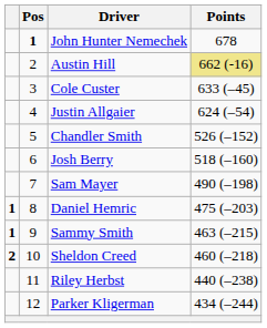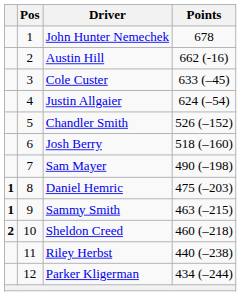 <table class="wikitable" style="font-size: 95%;">
 <tr>
 <th></th>
 <th>Pos</th>
 <th>Driver</th>
 <th>Points</th>
 </tr>
 <tr>
 <td align="left"></td>
-<td style="text-align:center;"><strong>1</strong></td>
+<td style="text-align:center;">1</td>
 <td><a href='#'>John Hunter Nemechek</a></td>
 <td style="text-align:center;">678</td>
 </tr>
 <tr>
 <td align="left"></td>
 <td style="text-align:center;">2</td>
 <td><a href='#'>Austin Hill</a></td>
-<td style="background: khaki; text-align:center;">662 (-16)</td>
+<td style="text-align:center;">662 (-16)</td>
 </tr>
 <tr>
 <td align="left"></td>
 <td style="text-align:center;">3</td>
 <td><a href='#'>Cole Custer</a></td>
 <td style="text-align:center;">633 (–45)</td>
 </tr>
 <tr>
 <td align="left"></td>
 <td style="text-align:center;">4</td>
 <td><a href='#'>Justin Allgaier</a></td>
 <td style="text-align:center;">624 (–54)</td>
 </tr>
 <tr>
 <td align="left"></td>
 <td style="text-align:center;">5</td>
 <td><a href='#'>Chandler Smith</a></td>
 <td style="text-align:center;">526 (–152)</td>
 </tr>
 <tr>
 <td align="left"></td>
 <td style="text-align:center;">6</td>
 <td><a href='#'>Josh Berry</a></td>
 <td style="text-align:center;">518 (–160)</td>
 </tr>
 <tr>
 <td align="left"></td>
 <td style="text-align:center;">7</td>
 <td><a href='#'>Sam Mayer</a></td>
 <td style="text-align:center;">490 (–198)</td>
 </tr>
 <tr>
 <td align="left"> <strong>1</strong></td>
 <td style="text-align:center;">8</td>
 <td><a href='#'>Daniel Hemric</a></td>
 <td style="text-align:center;">475 (–203)</td>
 </tr>
 <tr>
 <td align="left"> <strong>1</strong></td>
 <td style="text-align:center;">9</td>
 <td><a href='#'>Sammy Smith</a></td>
 <td style="text-align:center;">463 (–215)</td>
 </tr>
 <tr>
 <td align="left"> <strong>2</strong></td>
 <td style="text-align:center;">10</td>
 <td><a href='#'>Sheldon Creed</a></td>
 <td style="text-align:center;">460 (–218)</td>
 </tr>
 <tr>
 <td align="left"></td>
 <td style="text-align:center;">11</td>
 <td><a href='#'>Riley Herbst</a></td>
 <td style="text-align:center;">440 (–238)</td>
 </tr>
 <tr>
 <td align="left"></td>
 <td style="text-align:center;">12</td>
 <td><a href='#'>Parker Kligerman</a></td>
 <td style="text-align:center;">434 (–244)</td>
 </tr>
 <tr class="sortbottom">
 <th colspan="9"></th>
 </tr>
 </table>
